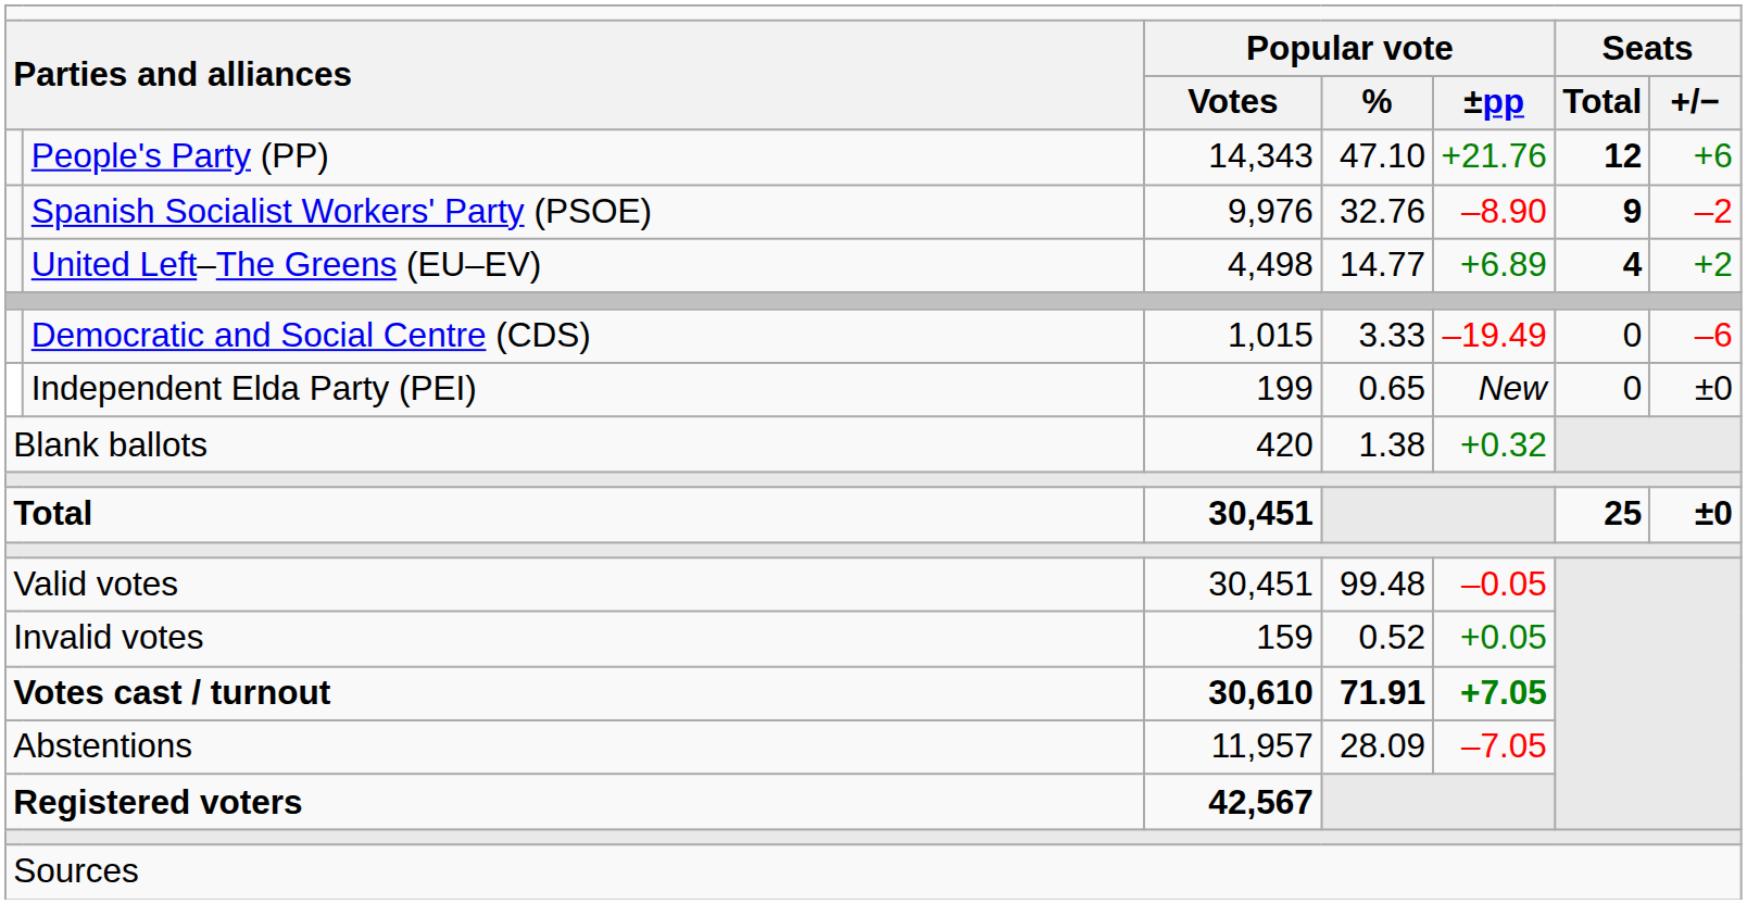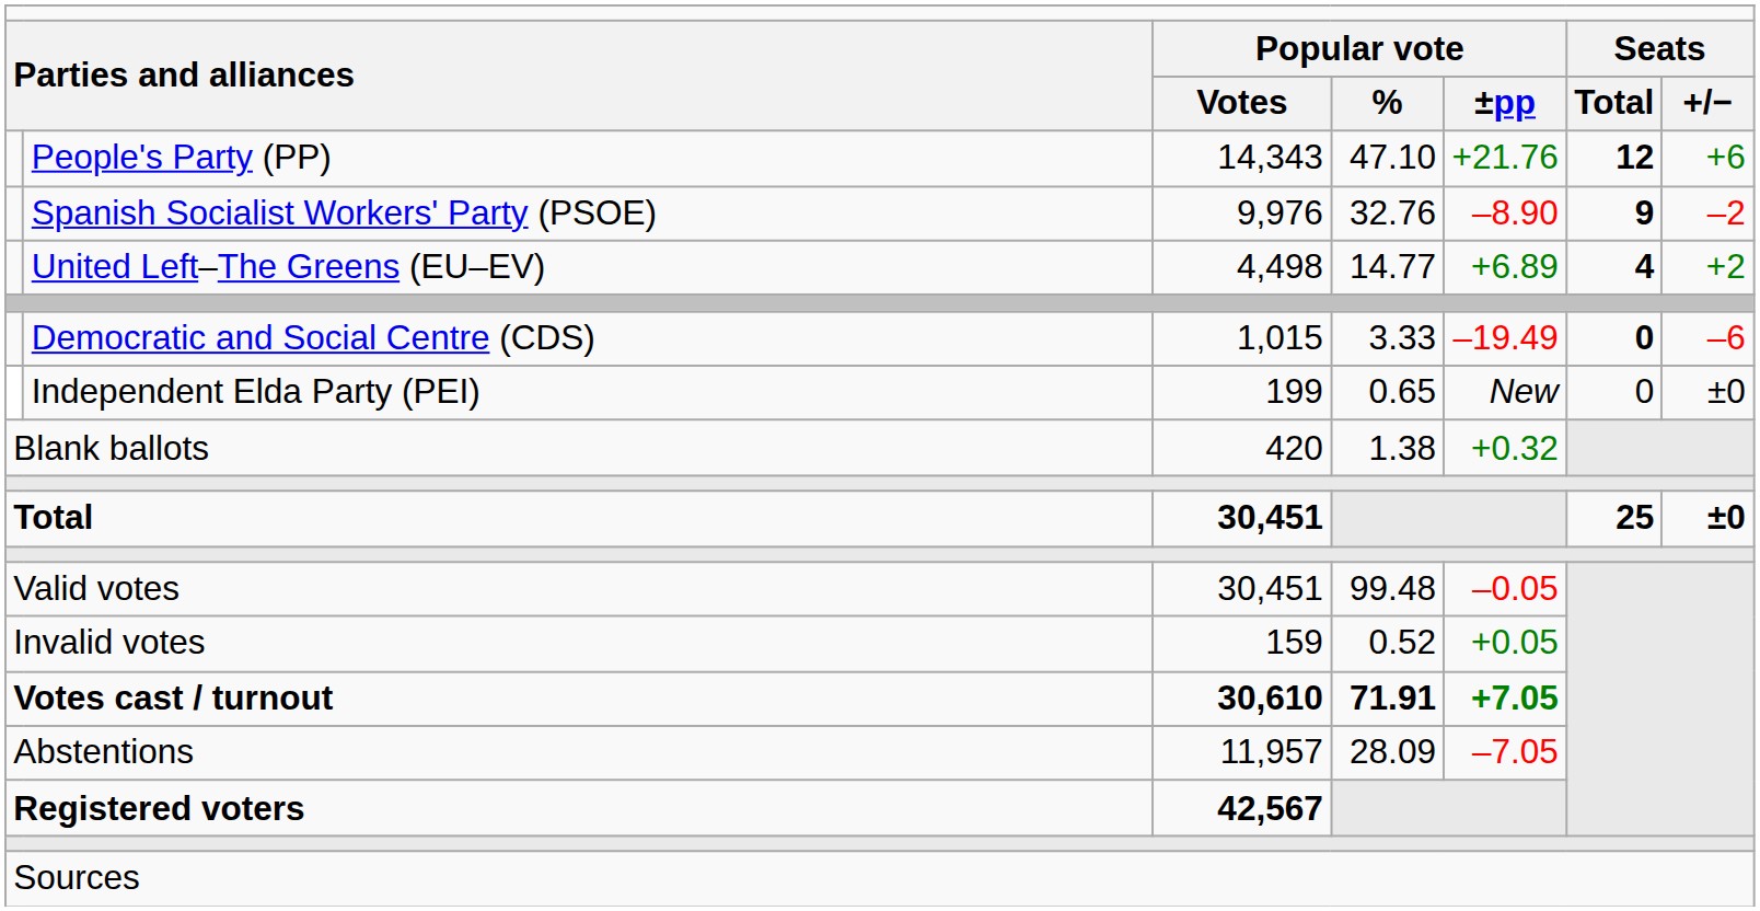 <table class="wikitable" style="text-align:right;">
 <tr>
 <td colspan="7"></td>
 </tr>
 <tr>
 <th style="text-align:left;" rowspan="2" colspan="2" width="525">Parties and alliances</th>
 <th colspan="3">Popular vote</th>
 <th colspan="2">Seats</th>
 </tr>
 <tr>
 <th width="75">Votes</th>
 <th width="45">%</th>
 <th width="45">±<a href='#'>pp</a></th>
 <th width="35">Total</th>
 <th width="35">+/−</th>
 </tr>
 <tr>
 <td width="1" style="color:inherit;background:"></td>
 <td align="left"><a href='#'>People's Party</a> (PP)</td>
 <td>14,343</td>
 <td>47.10</td>
 <td style="color:green;">+21.76</td>
 <td><strong>12</strong></td>
 <td style="color:green;">+6</td>
 </tr>
 <tr>
 <td style="color:inherit;background:"></td>
 <td align="left"><a href='#'>Spanish Socialist Workers' Party</a> (PSOE)</td>
 <td>9,976</td>
 <td>32.76</td>
 <td style="color:red;">–8.90</td>
 <td><strong>9</strong></td>
 <td style="color:red;">–2</td>
 </tr>
 <tr>
 <td style="color:inherit;background:"></td>
 <td align="left"><a href='#'>United Left</a>–<a href='#'>The Greens</a> (EU–EV)</td>
 <td>4,498</td>
 <td>14.77</td>
 <td style="color:green;">+6.89</td>
 <td><strong>4</strong></td>
 <td style="color:green;">+2</td>
 </tr>
 <tr>
 <td colspan="7" bgcolor="#C0C0C0"></td>
 </tr>
 <tr>
 <td style="color:inherit;background:"></td>
 <td align="left"><a href='#'>Democratic and Social Centre</a> (CDS)</td>
 <td>1,015</td>
 <td>3.33</td>
 <td style="color:red;">–19.49</td>
-<td>0</td>
+<td><strong>0</strong></td>
 <td style="color:red;">–6</td>
 </tr>
 <tr>
 <td bgcolor="white"></td>
 <td align="left">Independent Elda Party (PEI)</td>
 <td>199</td>
 <td>0.65</td>
 <td><em>New</em></td>
 <td>0</td>
 <td>±0</td>
 </tr>
 <tr>
 <td align="left" colspan="2">Blank ballots</td>
 <td>420</td>
 <td>1.38</td>
 <td style="color:green;">+0.32</td>
 <td bgcolor="#E9E9E9" colspan="2"></td>
 </tr>
 <tr>
 <td colspan="7" bgcolor="#E9E9E9"></td>
 </tr>
 <tr style="font-weight:bold;">
 <td align="left" colspan="2">Total</td>
 <td>30,451</td>
 <td bgcolor="#E9E9E9" colspan="2"></td>
 <td>25</td>
 <td>±0</td>
 </tr>
 <tr>
 <td colspan="7" bgcolor="#E9E9E9"></td>
 </tr>
 <tr>
 <td align="left" colspan="2">Valid votes</td>
 <td>30,451</td>
 <td>99.48</td>
 <td style="color:red;">–0.05</td>
 <td bgcolor="#E9E9E9" colspan="2" rowspan="5"></td>
 </tr>
 <tr>
 <td align="left" colspan="2">Invalid votes</td>
 <td>159</td>
 <td>0.52</td>
 <td style="color:green;">+0.05</td>
 </tr>
 <tr style="font-weight:bold;">
 <td align="left" colspan="2">Votes cast / turnout</td>
 <td>30,610</td>
 <td>71.91</td>
 <td style="color:green;">+7.05</td>
 </tr>
 <tr>
 <td align="left" colspan="2">Abstentions</td>
 <td>11,957</td>
 <td>28.09</td>
 <td style="color:red;">–7.05</td>
 </tr>
 <tr style="font-weight:bold;">
 <td align="left" colspan="2">Registered voters</td>
 <td>42,567</td>
 <td bgcolor="#E9E9E9" colspan="2"></td>
 </tr>
 <tr>
 <td colspan="7" bgcolor="#E9E9E9"></td>
 </tr>
 <tr>
 <td align="left" colspan="7">Sources</td>
 </tr>
 </table>
